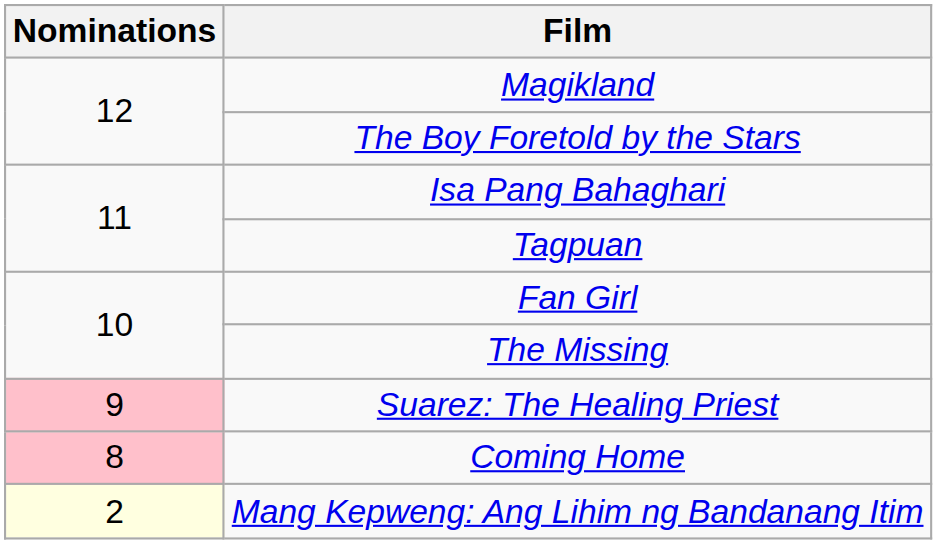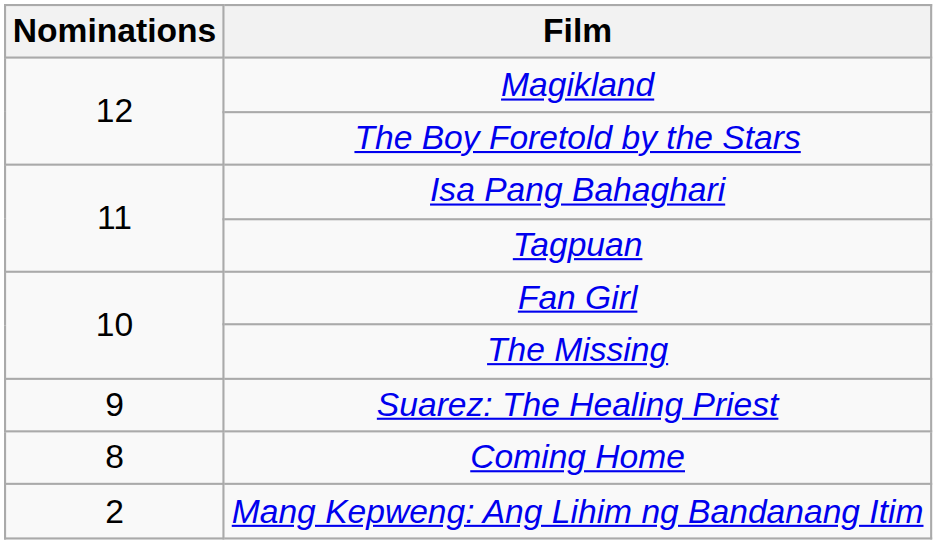 <table class="wikitable" style="text-align:center">
 <tr>
 <th scope="col">Nominations</th>
 <th scope="col">Film</th>
 </tr>
 <tr>
 <td rowspan=2>12</td>
 <td><em><a href='#'>Magikland</a></em></td>
 </tr>
 <tr>
 <td><em><a href='#'>The Boy Foretold by the Stars</a></em></td>
 </tr>
 <tr>
 <td rowspan=2>11</td>
 <td><em><a href='#'>Isa Pang Bahaghari</a></em></td>
 </tr>
 <tr>
 <td><em><a href='#'>Tagpuan</a></em></td>
 </tr>
 <tr>
 <td rowspan=2>10</td>
 <td><em><a href='#'>Fan Girl</a></em></td>
 </tr>
 <tr>
 <td><em><a href='#'>The Missing</a></em></td>
 </tr>
 <tr>
-<td style="background: pink;">9</td>
+<td>9</td>
 <td><em><a href='#'>Suarez: The Healing Priest</a></em></td>
 </tr>
 <tr>
-<td style="background: pink;">8</td>
+<td>8</td>
 <td><em><a href='#'>Coming Home</a></em></td>
 </tr>
 <tr>
-<td style="background: lightyellow;">2</td>
+<td>2</td>
 <td><em><a href='#'>Mang Kepweng: Ang Lihim ng Bandanang Itim</a></em></td>
 </tr>
 </table>
